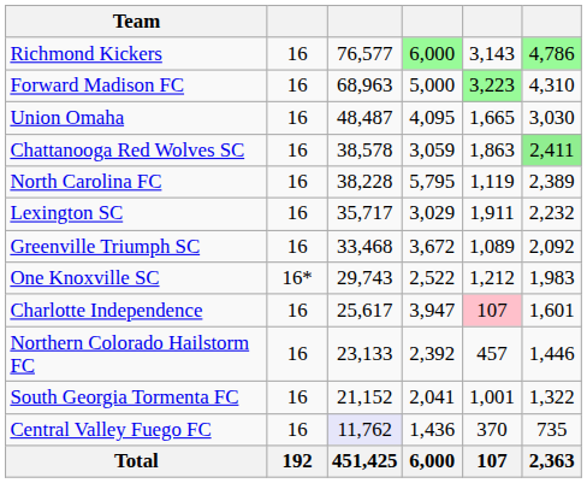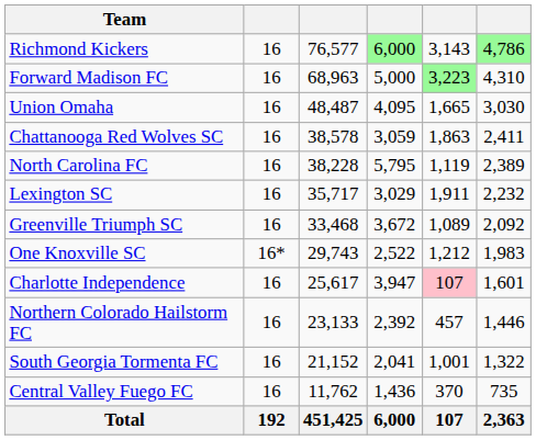 <table class="wikitable sortable">
 <tr>
 <th width=200>Team</th>
 <th width=40></th>
 <th width=40></th>
 <th width=40></th>
 <th width=40></th>
 <th width=40></th>
 </tr>
 <tr align=center>
 <td align=left><a href='#'>Richmond Kickers</a></td>
 <td>16</td>
 <td>76,577</td>
 <td bgcolor="#98fb98">6,000</td>
 <td>3,143</td>
 <td bgcolor="#98fb98">4,786</td>
 </tr>
 <tr align=center>
 <td align=left><a href='#'>Forward Madison FC</a></td>
 <td>16</td>
 <td>68,963</td>
 <td>5,000</td>
 <td bgcolor="#98fb98">3,223</td>
 <td>4,310</td>
 </tr>
 <tr align=center>
 <td align=left><a href='#'>Union Omaha</a></td>
 <td>16</td>
 <td>48,487</td>
 <td>4,095</td>
 <td>1,665</td>
 <td>3,030</td>
 </tr>
 <tr align=center>
 <td align=left><a href='#'>Chattanooga Red Wolves SC</a></td>
 <td>16</td>
 <td>38,578</td>
 <td>3,059</td>
 <td>1,863</td>
-<td style="background: lightgreen;">2,411</td>
+<td>2,411</td>
 </tr>
 <tr align=center>
 <td align=left><a href='#'>North Carolina FC</a></td>
 <td>16</td>
 <td>38,228</td>
 <td>5,795</td>
 <td>1,119</td>
 <td>2,389</td>
 </tr>
 <tr align=center>
 <td align=left><a href='#'>Lexington SC</a></td>
 <td>16</td>
 <td>35,717</td>
 <td>3,029</td>
 <td>1,911</td>
 <td>2,232</td>
 </tr>
 <tr align=center>
 <td align=left><a href='#'>Greenville Triumph SC</a></td>
 <td>16</td>
 <td>33,468</td>
 <td>3,672</td>
 <td>1,089</td>
 <td>2,092</td>
 </tr>
 <tr align=center>
 <td align=left><a href='#'>One Knoxville SC</a></td>
 <td>16*</td>
 <td>29,743</td>
 <td>2,522</td>
 <td>1,212</td>
 <td>1,983</td>
 </tr>
 <tr align=center>
 <td align=left><a href='#'>Charlotte Independence</a></td>
 <td>16</td>
 <td>25,617</td>
 <td>3,947</td>
 <td bgcolor="#ffc0cb">107</td>
 <td>1,601</td>
 </tr>
 <tr align=center>
 <td align=left><a href='#'>Northern Colorado Hailstorm FC</a></td>
 <td>16</td>
 <td>23,133</td>
 <td>2,392</td>
 <td>457</td>
 <td>1,446</td>
 </tr>
 <tr align=center>
 <td align=left><a href='#'>South Georgia Tormenta FC</a></td>
 <td>16</td>
 <td>21,152</td>
 <td>2,041</td>
 <td>1,001</td>
 <td>1,322</td>
 </tr>
 <tr align=center>
 <td align=left><a href='#'>Central Valley Fuego FC</a></td>
 <td>16</td>
-<td style="background: lavender;">11,762</td>
+<td>11,762</td>
 <td>1,436</td>
 <td>370</td>
 <td>735</td>
 </tr>
 <tr align=center>
 <th align=left>Total</th>
 <th>192</th>
 <th>451,425</th>
 <th>6,000</th>
 <th>107</th>
 <th>2,363</th>
 </tr>
 </table>
